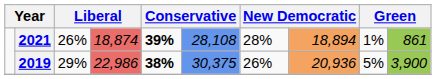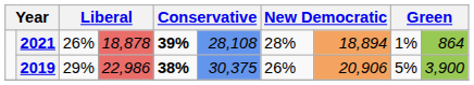 <table class="wikitable" style="float:right; width:400; font-size:90%; margin-left:1em;">
 <tr>
 <th colspan="2" scope="col">Year</th>
 <th colspan="2" scope="col"><a href='#'>Liberal</a></th>
 <th colspan="2" scope="col"><a href='#'>Conservative</a></th>
 <th colspan="2" scope="col"><a href='#'>New Democratic</a></th>
 <th colspan="2" scope="col"><a href='#'>Green</a></th>
 </tr>
 <tr>
 <td rowspan="2" style="width: 0.25em; background-color: "></td>
 <th><a href='#'>2021</a></th>
 <td>26%</td>
-<td style="text-align:right; background:#EA6D6A;"><em>18,874</em></td>
+<td style="text-align:right; background:#EA6D6A;"><em>18,878</em></td>
 <td><strong>39%</strong></td>
 <td style="text-align:right; background:#6495ED;"><em>28,108</em></td>
 <td>28%</td>
 <td style="text-align:right; background:#F4A460;"><em>18,894</em></td>
 <td>1%</td>
-<td style="text-align:right; background:#99C955;"><em>861</em></td>
+<td style="text-align:right; background:#99C955;"><em>864</em></td>
 </tr>
 <tr>
 <th><a href='#'>2019</a></th>
 <td>29%</td>
 <td style="text-align:right; background:#EA6D6A;"><em>22,986</em></td>
 <td><strong>38%</strong></td>
 <td style="text-align:right; background:#6495ED;"><em>30,375</em></td>
 <td>26%</td>
-<td style="text-align:right; background:#F4A460;"><em>20,936</em></td>
+<td style="text-align:right; background:#F4A460;"><em>20,906</em></td>
 <td>5%</td>
 <td style="text-align:right; background:#99C955;"><em>3,900</em></td>
 </tr>
 <tr>
 </tr>
 </table>
